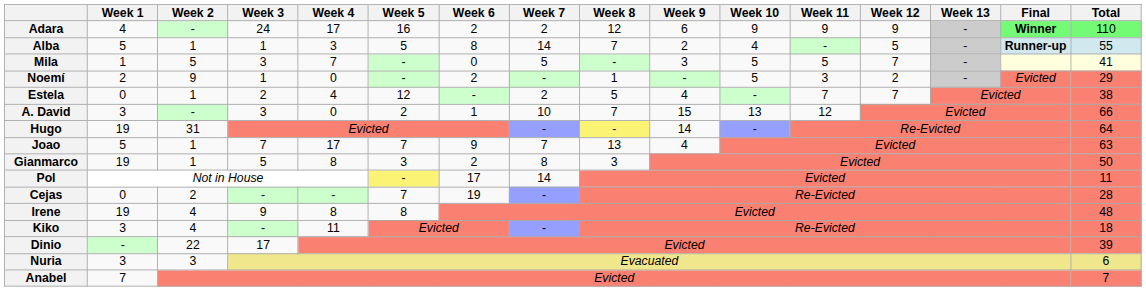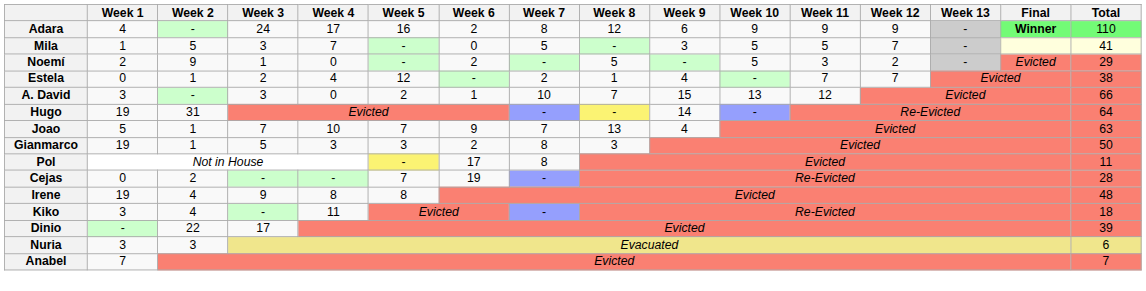 <table class="wikitable" style="width:100%; text-align:center; font-size:85%; line-height:12px">
 <tr>
 <th style="width:5%"></th>
 <th style="width:5%">Week 1</th>
 <th style="width:5%">Week 2</th>
 <th style="width:5%">Week 3</th>
 <th style="width:5%">Week 4</th>
 <th style="width:5%">Week 5</th>
 <th style="width:5%">Week 6</th>
 <th style="width:5%">Week 7</th>
 <th style="width:5%">Week 8</th>
 <th style="width:5%">Week 9</th>
 <th style="width:5%">Week 10</th>
 <th style="width:5%">Week 11</th>
 <th style="width:5%">Week 12</th>
 <th style="width:5%">Week 13</th>
 <th style="width:5%">Final</th>
 <th style="width:5%">Total</th>
 </tr>
 <tr>
 <th>Adara</th>
 <td>4</td>
 <td style="background:#cfc">-</td>
 <td>24</td>
 <td>17</td>
 <td>16</td>
 <td>2</td>
-<td>2</td>
+<td>8</td>
 <td>12</td>
 <td>6</td>
 <td>9</td>
 <td>9</td>
 <td>9</td>
 <td style="background:#CCC">-</td>
 <td style="background:#73FB76"><strong>Winner</strong></td>
 <td style="background:#73FB76">110</td>
-</tr>
-<tr>
-<th>Alba</th>
-<td>5</td>
-<td>1</td>
-<td>1</td>
-<td>3</td>
-<td>5</td>
-<td>8</td>
-<td>14</td>
-<td>7</td>
-<td>2</td>
-<td>4</td>
-<td style="background:#cfc">-</td>
-<td>5</td>
-<td style="background:#CCC">-</td>
-<td style="background:#D1E8EF"><strong>Runner-up</strong></td>
-<td style="background:#D1E8EF">55</td>
 </tr>
 <tr>
 <th>Mila</th>
 <td>1</td>
 <td>5</td>
 <td>3</td>
 <td>7</td>
 <td style="background:#cfc">-</td>
 <td>0</td>
 <td>5</td>
 <td style="background:#cfc">-</td>
 <td>3</td>
 <td>5</td>
 <td>5</td>
 <td>7</td>
 <td style="background:#CCC">-</td>
 <td style="background:#ffffdd"><strong></strong></td>
 <td style="background:#ffffdd">41</td>
 </tr>
 <tr>
 <th>Noemí</th>
 <td>2</td>
 <td>9</td>
 <td>1</td>
 <td>0</td>
 <td style="background:#cfc">-</td>
 <td>2</td>
 <td style="background:#cfc">-</td>
-<td>1</td>
+<td>5</td>
 <td style="background:#cfc">-</td>
 <td>5</td>
 <td>3</td>
 <td>2</td>
 <td style="background:#CCC">-</td>
 <td style="background:#FA8072"><em>Evicted</em></td>
 <td style="background:#FA8072">29</td>
 </tr>
 <tr>
 <th>Estela</th>
 <td>0</td>
 <td>1</td>
 <td>2</td>
 <td>4</td>
 <td>12</td>
 <td style="background:#cfc">-</td>
 <td>2</td>
-<td>5</td>
+<td>1</td>
 <td>4</td>
 <td style="background:#cfc">-</td>
 <td>7</td>
 <td>7</td>
 <td colspan="2" style="background:#FA8072"><em>Evicted</em></td>
 <td style="background:#FA8072">38</td>
 </tr>
 <tr>
 <th>A. David</th>
 <td>3</td>
 <td style="background:#cfc">-</td>
 <td>3</td>
 <td>0</td>
 <td>2</td>
 <td>1</td>
 <td>10</td>
 <td>7</td>
 <td>15</td>
 <td>13</td>
 <td>12</td>
 <td colspan="3" style="background:#FA8072"><em>Evicted</em></td>
 <td style="background:#FA8072">66</td>
 </tr>
 <tr>
 <th>Hugo</th>
 <td>19</td>
 <td>31</td>
 <td colspan="4" style="background:#FA8072"><em>Evicted</em></td>
 <td style="background:#959FFD">-</td>
 <td style="background:#FBF373">-</td>
 <td>14</td>
 <td style="background:#959FFD">-</td>
 <td colspan="4" style="background:#FA8072"><em>Re-Evicted</em></td>
 <td style="background:#FA8072">64</td>
 </tr>
 <tr>
 <th>Joao</th>
 <td>5</td>
 <td>1</td>
 <td>7</td>
-<td>17</td>
+<td>10</td>
 <td>7</td>
 <td>9</td>
 <td>7</td>
 <td>13</td>
 <td>4</td>
 <td colspan="5" style="background:#FA8072"><em>Evicted</em></td>
 <td style="background:#FA8072">63</td>
 </tr>
 <tr>
 <th>Gianmarco</th>
 <td>19</td>
 <td>1</td>
 <td>5</td>
-<td>8</td>
+<td>3</td>
 <td>3</td>
 <td>2</td>
 <td>8</td>
 <td>3</td>
 <td colspan="6" style="background:#FA8072"><em>Evicted</em></td>
 <td style="background:#FA8072">50</td>
 </tr>
 <tr>
 <th>Pol</th>
 <td bgcolor="white" colspan=4><em>Not in House</em></td>
 <td style="background:#FBF373">-</td>
 <td>17</td>
-<td>14</td>
+<td>8</td>
 <td colspan="7" style="background:#FA8072"><em>Evicted</em></td>
 <td style="background:#FA8072">11</td>
 </tr>
 <tr>
 <th>Cejas</th>
 <td>0</td>
 <td>2</td>
 <td style="background:#cfc">-</td>
 <td style="background:#cfc">-</td>
 <td>7</td>
 <td>19</td>
 <td style="background:#959FFD">-</td>
 <td colspan="7" style="background:#FA8072"><em>Re-Evicted</em></td>
 <td style="background:#FA8072">28</td>
 </tr>
 <tr>
 <th>Irene</th>
 <td>19</td>
 <td>4</td>
 <td>9</td>
 <td>8</td>
 <td>8</td>
 <td colspan="9" style="background:#FA8072"><em>Evicted</em></td>
 <td style="background:#FA8072">48</td>
 </tr>
 <tr>
 <th>Kiko</th>
 <td>3</td>
 <td>4</td>
 <td style="background:#cfc">-</td>
 <td>11</td>
 <td colspan="2" style="background:#FA8072"><em>Evicted</em></td>
 <td style="background:#959FFD">-</td>
 <td colspan="7" style="background:#FA8072"><em>Re-Evicted</em></td>
 <td style="background:#FA8072">18</td>
 </tr>
 <tr>
 <th>Dinio</th>
 <td style="background:#cfc">-</td>
 <td>22</td>
 <td>17</td>
 <td colspan="11" style="background:#FA8072"><em>Evicted</em></td>
 <td style="background:#FA8072">39</td>
 </tr>
 <tr>
 <th>Nuria</th>
 <td>3</td>
 <td>3</td>
 <td colspan="12" style="background:khaki"><em>Evacuated</em></td>
 <td style="background:khaki">6</td>
 </tr>
 <tr>
 <th>Anabel</th>
 <td>7</td>
 <td colspan="13" style="background:#FA8072"><em>Evicted</em></td>
 <td style="background:#FA8072">7</td>
 </tr>
 </table>
